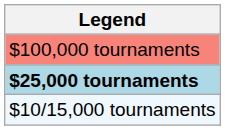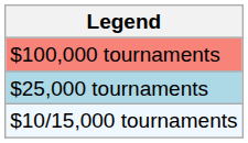 <table class="wikitable" style="font-size:85%">
 <tr>
 <th>Legend</th>
 </tr>
 <tr style="background:#f88379;">
 <td>$100,000 tournaments</td>
 </tr>
 <tr style="background:lightblue;">
-<td><strong>$25,000 tournaments</strong></td>
+<td>$25,000 tournaments</td>
 </tr>
 <tr style="background:#f0f8ff;">
 <td>$10/15,000 tournaments</td>
 </tr>
 </table>
